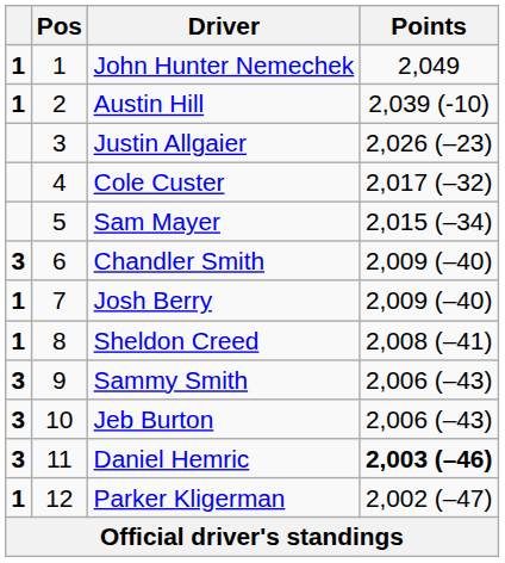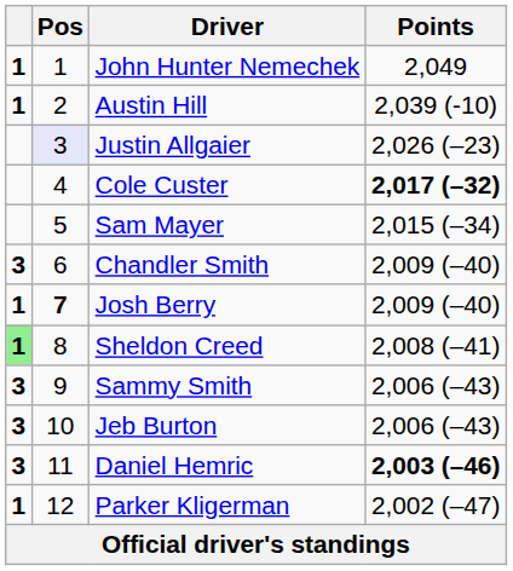 <table class="wikitable" style="font-size: 95%;">
 <tr>
 <th></th>
 <th>Pos</th>
 <th>Driver</th>
 <th>Points</th>
 </tr>
 <tr>
 <td align="left"> <strong>1</strong></td>
 <td style="text-align:center;">1</td>
 <td><a href='#'>John Hunter Nemechek</a></td>
 <td style="text-align:center;">2,049</td>
 </tr>
 <tr>
 <td align="left"> <strong>1</strong></td>
 <td style="text-align:center;">2</td>
 <td><a href='#'>Austin Hill</a></td>
 <td style="text-align:center;">2,039 (-10)</td>
 </tr>
 <tr>
 <td align="left"></td>
-<td style="text-align:center;">3</td>
+<td style="background: lavender; text-align:center;">3</td>
 <td><a href='#'>Justin Allgaier</a></td>
 <td style="text-align:center;">2,026 (–23)</td>
 </tr>
 <tr>
 <td align="left"></td>
 <td style="text-align:center;">4</td>
 <td><a href='#'>Cole Custer</a></td>
-<td style="text-align:center;">2,017 (–32)</td>
+<td style="text-align:center;"><strong>2,017 (–32)</strong></td>
 </tr>
 <tr>
 <td align="left"></td>
 <td style="text-align:center;">5</td>
 <td><a href='#'>Sam Mayer</a></td>
 <td style="text-align:center;">2,015 (–34)</td>
 </tr>
 <tr>
 <td align="left"> <strong>3</strong></td>
 <td style="text-align:center;">6</td>
 <td><a href='#'>Chandler Smith</a></td>
 <td style="text-align:center;">2,009 (–40)</td>
 </tr>
 <tr>
 <td align="left"> <strong>1</strong></td>
-<td style="text-align:center;">7</td>
+<td style="text-align:center;"><strong>7</strong></td>
 <td><a href='#'>Josh Berry</a></td>
 <td style="text-align:center;">2,009 (–40)</td>
 </tr>
 <tr>
-<td align="left"> <strong>1</strong></td>
+<td align="left" style="background: lightgreen;"> <strong>1</strong></td>
 <td style="text-align:center;">8</td>
 <td><a href='#'>Sheldon Creed</a></td>
 <td style="text-align:center;">2,008 (–41)</td>
 </tr>
 <tr>
 <td align="left"> <strong>3</strong></td>
 <td style="text-align:center;">9</td>
 <td><a href='#'>Sammy Smith</a></td>
 <td style="text-align:center;">2,006 (–43)</td>
 </tr>
 <tr>
 <td align="left"> <strong>3</strong></td>
 <td style="text-align:center;">10</td>
 <td><a href='#'>Jeb Burton</a></td>
 <td style="text-align:center;">2,006 (–43)</td>
 </tr>
 <tr>
 <td align="left"> <strong>3</strong></td>
 <td style="text-align:center;">11</td>
 <td><a href='#'>Daniel Hemric</a></td>
 <td style="text-align:center;"><strong>2,003 (–46)</strong></td>
 </tr>
 <tr>
 <td align="left"> <strong>1</strong></td>
 <td style="text-align:center;">12</td>
 <td><a href='#'>Parker Kligerman</a></td>
 <td style="text-align:center;">2,002 (–47)</td>
 </tr>
 <tr class="sortbottom">
 <th colspan="9">Official driver's standings</th>
 </tr>
 </table>
